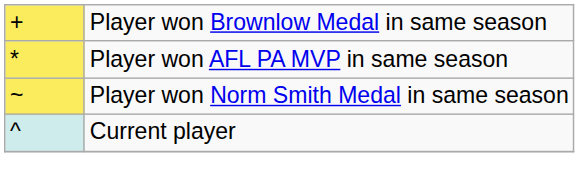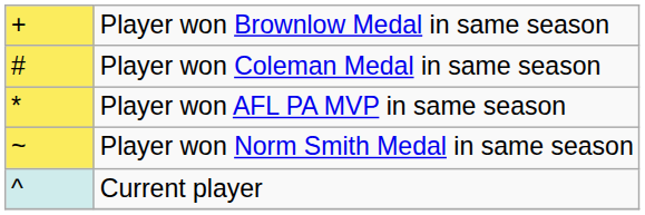 <table class="wikitable">
 <tr>
 <td style="background-color:#FBEC5D; width:3em">+</td>
 <td>Player won <a href='#'>Brownlow Medal</a> in same season</td>
+</tr>
+<tr>
+<td style="background-color:#FBEC5D; width:3em">#</td>
+<td>Player won <a href='#'>Coleman Medal</a> in same season</td>
 </tr>
 <tr>
 <td style="background-color:#FBEC5D; width:3em">*</td>
 <td>Player won <a href='#'>AFL PA MVP</a> in same season</td>
 </tr>
 <tr>
 <td style="background-color:#FBEC5D; width:3em">~</td>
 <td>Player won <a href='#'>Norm Smith Medal</a> in same season</td>
 </tr>
 <tr>
 <td style="background-color:#cfecec; width:3em">^</td>
 <td>Current player</td>
 </tr>
 <tr>
 </tr>
 </table>
